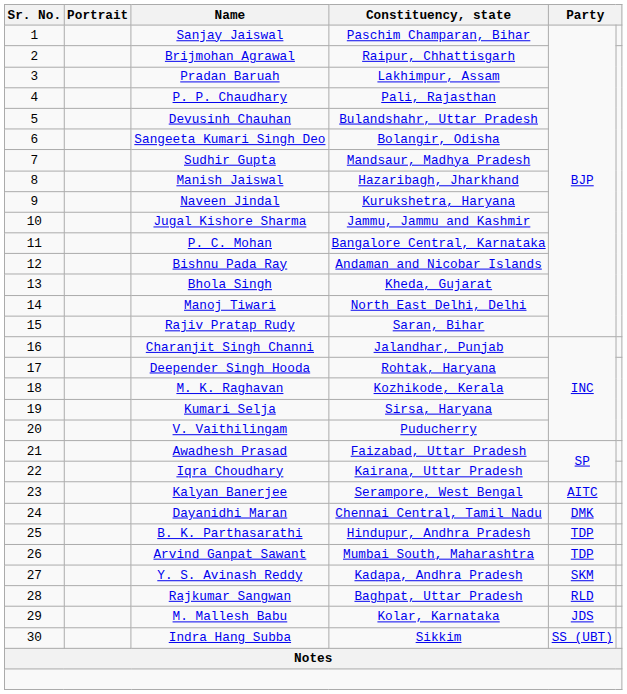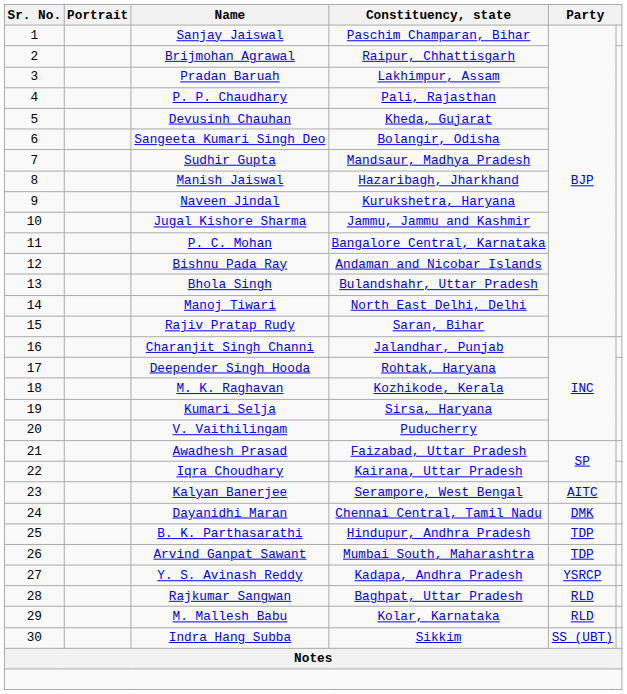 <table class="wikitable">
 <tr>
 <th>Sr. No.</th>
 <th>Portrait</th>
 <th>Name</th>
 <th>Constituency, state</th>
 <th colspan="2">Party</th>
 </tr>
 <tr align="center">
 <td>1</td>
 <td></td>
 <td><a href='#'>Sanjay Jaiswal</a></td>
 <td><a href='#'>Paschim Champaran, Bihar</a></td>
 <td rowspan="15"><a href='#'>BJP</a></td>
 <td></td>
 </tr>
 <tr align="center">
 <td>2</td>
 <td></td>
 <td><a href='#'>Brijmohan Agrawal</a></td>
 <td><a href='#'>Raipur, Chhattisgarh</a></td>
 </tr>
 <tr align="center">
 <td>3</td>
 <td></td>
 <td><a href='#'>Pradan Baruah</a></td>
 <td><a href='#'>Lakhimpur, Assam</a></td>
 </tr>
 <tr align="center">
 <td>4</td>
 <td></td>
 <td><a href='#'>P. P. Chaudhary</a></td>
 <td><a href='#'>Pali, Rajasthan</a></td>
 </tr>
 <tr align="center">
 <td>5</td>
 <td></td>
 <td><a href='#'>Devusinh Chauhan</a></td>
-<td><a href='#'>Bulandshahr, Uttar Pradesh</a></td>
+<td><a href='#'>Kheda, Gujarat</a></td>
 </tr>
 <tr align="center">
 <td>6</td>
 <td></td>
 <td><a href='#'>Sangeeta Kumari Singh Deo</a></td>
 <td><a href='#'>Bolangir, Odisha</a></td>
 </tr>
 <tr align="center">
 <td>7</td>
 <td></td>
 <td><a href='#'>Sudhir Gupta</a></td>
 <td><a href='#'>Mandsaur, Madhya Pradesh</a></td>
 </tr>
 <tr align="center">
 <td>8</td>
 <td></td>
 <td><a href='#'>Manish Jaiswal</a></td>
 <td><a href='#'>Hazaribagh, Jharkhand</a></td>
 </tr>
 <tr align="center">
 <td>9</td>
 <td></td>
 <td><a href='#'>Naveen Jindal</a></td>
 <td><a href='#'>Kurukshetra, Haryana</a></td>
 </tr>
 <tr align="center">
 <td>10</td>
 <td></td>
 <td><a href='#'>Jugal Kishore Sharma</a></td>
 <td><a href='#'>Jammu, Jammu and Kashmir</a></td>
 </tr>
 <tr align="center">
 <td>11</td>
 <td></td>
 <td><a href='#'>P. C. Mohan</a></td>
 <td><a href='#'>Bangalore Central, Karnataka</a></td>
 </tr>
 <tr align="center">
 <td>12</td>
 <td></td>
 <td><a href='#'>Bishnu Pada Ray</a></td>
 <td><a href='#'>Andaman and Nicobar Islands</a></td>
 </tr>
 <tr align="center">
 <td>13</td>
 <td></td>
 <td><a href='#'>Bhola Singh</a></td>
-<td><a href='#'>Kheda, Gujarat</a></td>
+<td><a href='#'>Bulandshahr, Uttar Pradesh</a></td>
 </tr>
 <tr align="center">
 <td>14</td>
 <td></td>
 <td><a href='#'>Manoj Tiwari</a></td>
 <td><a href='#'>North East Delhi, Delhi</a></td>
 </tr>
 <tr align="center">
 <td>15</td>
 <td></td>
 <td><a href='#'>Rajiv Pratap Rudy</a></td>
 <td><a href='#'>Saran, Bihar</a></td>
 </tr>
 <tr align="center">
 <td>16</td>
 <td></td>
 <td><a href='#'>Charanjit Singh Channi</a></td>
 <td><a href='#'>Jalandhar, Punjab</a></td>
 <td rowspan="5"><a href='#'>INC</a></td>
 <td></td>
 </tr>
 <tr align="center">
 <td>17</td>
 <td></td>
 <td><a href='#'>Deepender Singh Hooda</a></td>
 <td><a href='#'>Rohtak, Haryana</a></td>
 </tr>
 <tr align="center">
 <td>18</td>
 <td></td>
 <td><a href='#'>M. K. Raghavan</a></td>
 <td><a href='#'>Kozhikode, Kerala</a></td>
 </tr>
 <tr align="center">
 <td>19</td>
 <td></td>
 <td><a href='#'>Kumari Selja</a></td>
 <td><a href='#'>Sirsa, Haryana</a></td>
 </tr>
 <tr align="center">
 <td>20</td>
 <td></td>
 <td><a href='#'>V. Vaithilingam</a></td>
 <td><a href='#'>Puducherry</a></td>
 </tr>
 <tr align="center">
 <td>21</td>
 <td></td>
 <td><a href='#'>Awadhesh Prasad</a></td>
 <td><a href='#'>Faizabad, Uttar Pradesh</a></td>
 <td rowspan="2"><a href='#'>SP</a></td>
 <td></td>
 </tr>
 <tr align="center">
 <td>22</td>
 <td></td>
 <td><a href='#'>Iqra Choudhary</a></td>
 <td><a href='#'>Kairana, Uttar Pradesh</a></td>
 </tr>
 <tr align="center">
 <td>23</td>
 <td></td>
 <td><a href='#'>Kalyan Banerjee</a></td>
 <td><a href='#'>Serampore, West Bengal</a></td>
 <td><a href='#'>AITC</a></td>
 <td></td>
 </tr>
 <tr align="center">
 <td>24</td>
 <td></td>
 <td><a href='#'>Dayanidhi Maran</a></td>
 <td><a href='#'>Chennai Central, Tamil Nadu</a></td>
 <td><a href='#'>DMK</a></td>
 <td></td>
 </tr>
 <tr align="center">
 <td>25</td>
 <td></td>
 <td><a href='#'>B. K. Parthasarathi</a></td>
 <td><a href='#'>Hindupur, Andhra Pradesh</a></td>
 <td><a href='#'>TDP</a></td>
 <td></td>
 </tr>
 <tr align="center">
 <td>26</td>
 <td></td>
 <td><a href='#'>Arvind Ganpat Sawant</a></td>
 <td><a href='#'>Mumbai South, Maharashtra</a></td>
 <td><a href='#'>TDP</a></td>
 <td></td>
 </tr>
 <tr align="center">
 <td>27</td>
 <td></td>
 <td><a href='#'>Y. S. Avinash Reddy</a></td>
 <td><a href='#'>Kadapa, Andhra Pradesh</a></td>
-<td><a href='#'>SKM</a></td>
+<td><a href='#'>YSRCP</a></td>
 <td></td>
 </tr>
 <tr align="center">
 <td>28</td>
 <td></td>
 <td><a href='#'>Rajkumar Sangwan</a></td>
 <td><a href='#'>Baghpat, Uttar Pradesh</a></td>
 <td><a href='#'>RLD</a></td>
 <td></td>
 </tr>
 <tr align="center">
 <td>29</td>
 <td></td>
 <td><a href='#'>M. Mallesh Babu</a></td>
 <td><a href='#'>Kolar, Karnataka</a></td>
-<td><a href='#'>JDS</a></td>
+<td><a href='#'>RLD</a></td>
 <td></td>
 </tr>
 <tr align="center">
 <td>30</td>
 <td></td>
 <td><a href='#'>Indra Hang Subba</a></td>
 <td><a href='#'>Sikkim</a></td>
 <td><a href='#'>SS (UBT)</a></td>
 <td></td>
 </tr>
 <tr align="center">
 <th colspan="6">Notes</th>
 </tr>
 <tr>
 <td colspan="6"><br></td>
 </tr>
 </table>
